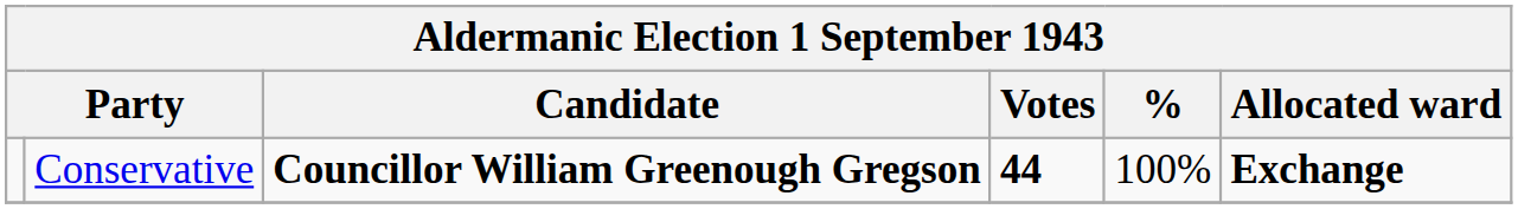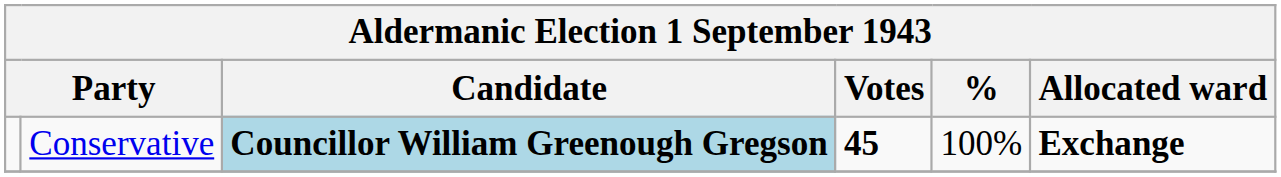 <table class="wikitable">
 <tr>
 <th colspan="6"><strong>Aldermanic Election 1 September 1943</strong></th>
 </tr>
 <tr>
 <th colspan="2">Party</th>
 <th>Candidate</th>
 <th>Votes</th>
 <th>%</th>
 <th>Allocated ward</th>
 </tr>
 <tr>
 <td style="background-color:"></td>
 <td><a href='#'>Conservative</a></td>
-<td><strong>Councillor William Greenough Gregson</strong></td>
-<td><strong>44</strong></td>
+<td style="background: lightblue;"><strong>Councillor William Greenough Gregson</strong></td>
+<td><strong>45</strong></td>
 <td>100%</td>
 <td><strong>Exchange</strong></td>
 </tr>
 <tr>
 </tr>
 </table>
